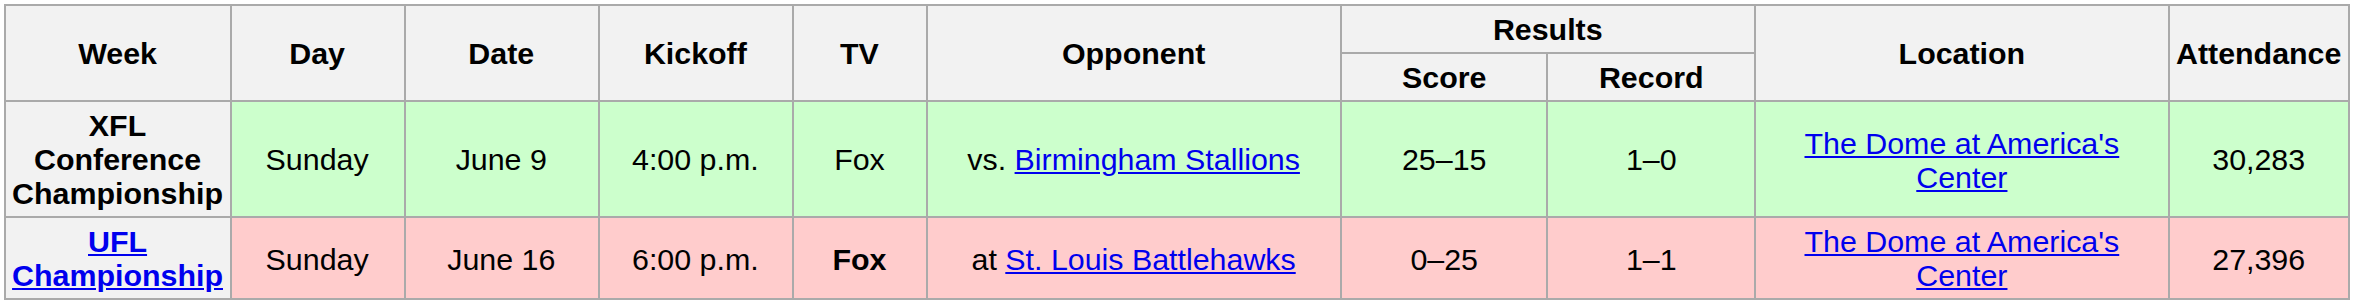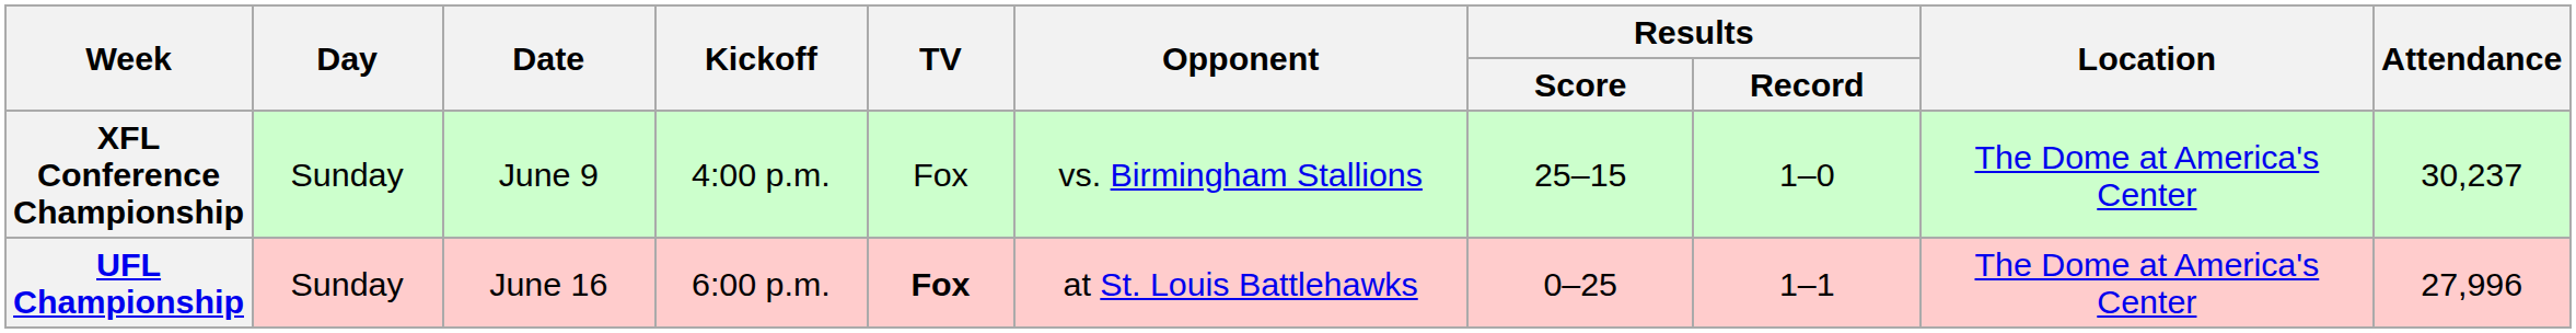 <table class="wikitable" style="text-align:center; font-size: 95%;">
 <tr>
 <th rowspan="2" width="40">Week</th>
 <th rowspan="2" width="80">Day</th>
 <th rowspan="2" width="90">Date</th>
 <th rowspan="2" width="90">Kickoff</th>
 <th rowspan="2" width="60">TV</th>
 <th rowspan="2" width="200">Opponent</th>
 <th colspan="2" width="200">Results</th>
 <th rowspan="2" width="200">Location</th>
 <th rowspan="2">Attendance</th>
 </tr>
 <tr>
 <th width="60">Score</th>
 <th width="60">Record</th>
 </tr>
 <tr style="background:#ccffcc">
 <th>XFL Conference Championship</th>
 <td>Sunday</td>
 <td>June 9</td>
 <td>4:00 p.m.</td>
 <td>Fox</td>
 <td>vs. <a href='#'>Birmingham Stallions</a></td>
 <td>25–15</td>
 <td>1–0</td>
 <td><a href='#'>The Dome at America's Center</a></td>
-<td>30,283</td>
+<td>30,237</td>
 </tr>
 <tr style="background:#ffcccc">
 <th><a href='#'>UFL Championship</a></th>
 <td>Sunday</td>
 <td>June 16</td>
 <td>6:00 p.m.</td>
 <td><strong>Fox</strong></td>
 <td>at <a href='#'>St. Louis Battlehawks</a></td>
 <td>0–25</td>
 <td>1–1</td>
 <td><a href='#'>The Dome at America's Center</a></td>
-<td>27,396</td>
+<td>27,996</td>
 </tr>
 </table>
